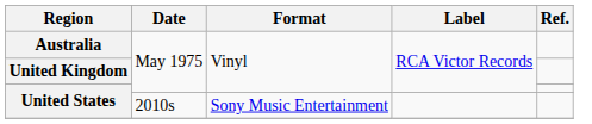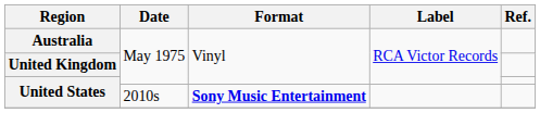 <table class="wikitable plainrowheaders">
 <tr>
 <th scope="col">Region</th>
 <th scope="col">Date</th>
 <th scope="col">Format</th>
 <th scope="col">Label</th>
 <th scope="col">Ref.</th>
 </tr>
 <tr>
 <th scope="row">Australia</th>
 <td rowspan="3">May 1975</td>
 <td rowspan="3">Vinyl</td>
 <td rowspan="3"><a href='#'>RCA Victor Records</a></td>
 <td></td>
 </tr>
 <tr>
 <th scope="row">United Kingdom</th>
 <td></td>
 </tr>
 <tr>
 <th scope="row" rowspan="2">United States</th>
 <td></td>
 </tr>
 <tr>
 <td>2010s</td>
-<td><a href='#'>Sony Music Entertainment</a></td>
+<td><strong><a href='#'>Sony Music Entertainment</a></strong></td>
 <td></td>
 <td></td>
 </tr>
 <tr>
 </tr>
 </table>
